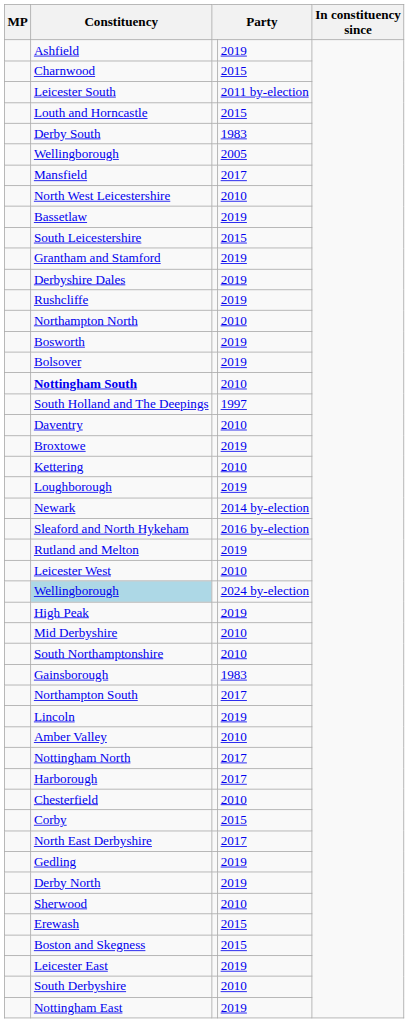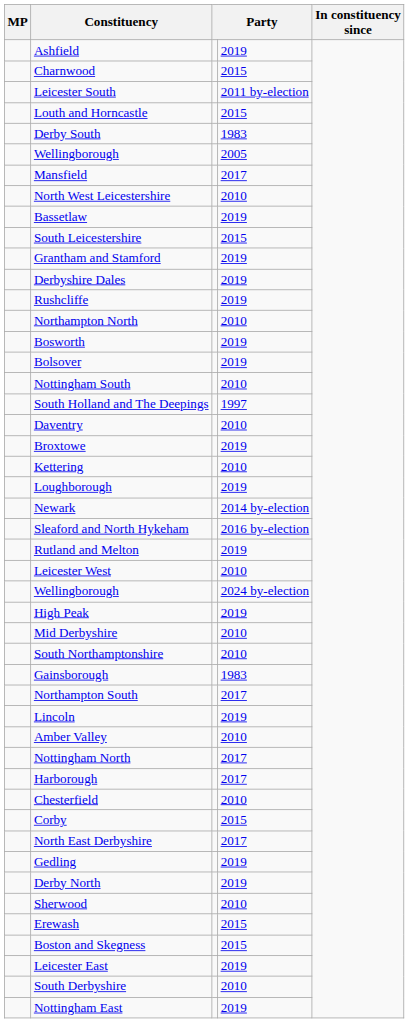 <table class="wikitable sortable">
 <tr>
 <th>MP</th>
 <th>Constituency</th>
 <th colspan=2>Party</th>
 <th>In constituency<br>since</th>
 </tr>
 <tr>
 <td></td>
 <td><a href='#'>Ashfield</a></td>
 <td></td>
 <td><a href='#'>2019</a></td>
 </tr>
 <tr>
 <td></td>
 <td><a href='#'>Charnwood</a></td>
 <td></td>
 <td><a href='#'>2015</a></td>
 </tr>
 <tr>
 <td></td>
 <td><a href='#'>Leicester South</a></td>
 <td></td>
 <td><a href='#'>2011 by-election</a></td>
 </tr>
 <tr>
 <td></td>
 <td><a href='#'>Louth and Horncastle</a></td>
 <td></td>
 <td><a href='#'>2015</a></td>
 </tr>
 <tr>
 <td></td>
 <td><a href='#'>Derby South</a></td>
 <td></td>
 <td><a href='#'>1983</a></td>
 </tr>
 <tr>
 <td><em></em></td>
 <td><a href='#'>Wellingborough</a></td>
 <td></td>
 <td><a href='#'>2005</a></td>
 </tr>
 <tr>
 <td></td>
 <td><a href='#'>Mansfield</a></td>
 <td></td>
 <td><a href='#'>2017</a></td>
 </tr>
 <tr>
 <td></td>
 <td><a href='#'>North West Leicestershire</a></td>
 <td></td>
 <td><a href='#'>2010</a></td>
 </tr>
 <tr>
 <td></td>
 <td><a href='#'>Bassetlaw</a></td>
 <td></td>
 <td><a href='#'>2019</a></td>
 </tr>
 <tr>
 <td></td>
 <td><a href='#'>South Leicestershire</a></td>
 <td></td>
 <td><a href='#'>2015</a></td>
 </tr>
 <tr>
 <td></td>
 <td><a href='#'>Grantham and Stamford</a></td>
 <td></td>
 <td><a href='#'>2019</a></td>
 </tr>
 <tr>
 <td></td>
 <td><a href='#'>Derbyshire Dales</a></td>
 <td></td>
 <td><a href='#'>2019</a></td>
 </tr>
 <tr>
 <td></td>
 <td><a href='#'>Rushcliffe</a></td>
 <td></td>
 <td><a href='#'>2019</a></td>
 </tr>
 <tr>
 <td></td>
 <td><a href='#'>Northampton North</a></td>
 <td></td>
 <td><a href='#'>2010</a></td>
 </tr>
 <tr>
 <td></td>
 <td><a href='#'>Bosworth</a></td>
 <td></td>
 <td><a href='#'>2019</a></td>
 </tr>
 <tr>
 <td></td>
 <td><a href='#'>Bolsover</a></td>
 <td></td>
 <td><a href='#'>2019</a></td>
 </tr>
 <tr>
 <td></td>
-<td><strong><a href='#'>Nottingham South</a></strong></td>
+<td><a href='#'>Nottingham South</a></td>
 <td></td>
 <td><a href='#'>2010</a></td>
 </tr>
 <tr>
 <td></td>
 <td><a href='#'>South Holland and The Deepings</a></td>
 <td></td>
 <td><a href='#'>1997</a></td>
 </tr>
 <tr>
 <td></td>
 <td><a href='#'>Daventry</a></td>
 <td></td>
 <td><a href='#'>2010</a></td>
 </tr>
 <tr>
 <td></td>
 <td><a href='#'>Broxtowe</a></td>
 <td></td>
 <td><a href='#'>2019</a></td>
 </tr>
 <tr>
 <td></td>
 <td><a href='#'>Kettering</a></td>
 <td></td>
 <td><a href='#'>2010</a></td>
 </tr>
 <tr>
 <td></td>
 <td><a href='#'>Loughborough</a></td>
 <td></td>
 <td><a href='#'>2019</a></td>
 </tr>
 <tr>
 <td></td>
 <td><a href='#'>Newark</a></td>
 <td></td>
 <td><a href='#'>2014 by-election</a></td>
 </tr>
 <tr>
 <td></td>
 <td><a href='#'>Sleaford and North Hykeham</a></td>
 <td></td>
 <td><a href='#'>2016 by-election</a></td>
 </tr>
 <tr>
 <td></td>
 <td><a href='#'>Rutland and Melton</a></td>
 <td></td>
 <td><a href='#'>2019</a></td>
 </tr>
 <tr>
 <td></td>
 <td><a href='#'>Leicester West</a></td>
 <td></td>
 <td><a href='#'>2010</a></td>
 </tr>
 <tr>
 <td></td>
-<td style="background: lightblue;"><a href='#'>Wellingborough</a></td>
+<td><a href='#'>Wellingborough</a></td>
 <td></td>
 <td><a href='#'>2024 by-election</a></td>
 </tr>
 <tr>
 <td></td>
 <td><a href='#'>High Peak</a></td>
 <td></td>
 <td><a href='#'>2019</a></td>
 </tr>
 <tr>
 <td></td>
 <td><a href='#'>Mid Derbyshire</a></td>
 <td></td>
 <td><a href='#'>2010</a></td>
 </tr>
 <tr>
 <td></td>
 <td><a href='#'>South Northamptonshire</a></td>
 <td></td>
 <td><a href='#'>2010</a></td>
 </tr>
 <tr>
 <td></td>
 <td><a href='#'>Gainsborough</a></td>
 <td></td>
 <td><a href='#'>1983</a></td>
 </tr>
 <tr>
 <td></td>
 <td><a href='#'>Northampton South</a></td>
 <td></td>
 <td><a href='#'>2017</a></td>
 </tr>
 <tr>
 <td></td>
 <td><a href='#'>Lincoln</a></td>
 <td></td>
 <td><a href='#'>2019</a></td>
 </tr>
 <tr>
 <td></td>
 <td><a href='#'>Amber Valley</a></td>
 <td></td>
 <td><a href='#'>2010</a></td>
 </tr>
 <tr>
 <td></td>
 <td><a href='#'>Nottingham North</a></td>
 <td></td>
 <td><a href='#'>2017</a></td>
 </tr>
 <tr>
 <td></td>
 <td><a href='#'>Harborough</a></td>
 <td></td>
 <td><a href='#'>2017</a></td>
 </tr>
 <tr>
 <td></td>
 <td><a href='#'>Chesterfield</a></td>
 <td></td>
 <td><a href='#'>2010</a></td>
 </tr>
 <tr>
 <td></td>
 <td><a href='#'>Corby</a></td>
 <td></td>
 <td><a href='#'>2015</a></td>
 </tr>
 <tr>
 <td></td>
 <td><a href='#'>North East Derbyshire</a></td>
 <td></td>
 <td><a href='#'>2017</a></td>
 </tr>
 <tr>
 <td></td>
 <td><a href='#'>Gedling</a></td>
 <td></td>
 <td><a href='#'>2019</a></td>
 </tr>
 <tr>
 <td></td>
 <td><a href='#'>Derby North</a></td>
 <td></td>
 <td><a href='#'>2019</a></td>
 </tr>
 <tr>
 <td></td>
 <td><a href='#'>Sherwood</a></td>
 <td></td>
 <td><a href='#'>2010</a></td>
 </tr>
 <tr>
 <td></td>
 <td><a href='#'>Erewash</a></td>
 <td></td>
 <td><a href='#'>2015</a></td>
 </tr>
 <tr>
 <td></td>
 <td><a href='#'>Boston and Skegness</a></td>
 <td></td>
 <td><a href='#'>2015</a></td>
 </tr>
 <tr>
 <td></td>
 <td><a href='#'>Leicester East</a></td>
 <td></td>
 <td><a href='#'>2019</a></td>
 </tr>
 <tr>
 <td></td>
 <td><a href='#'>South Derbyshire</a></td>
 <td></td>
 <td><a href='#'>2010</a></td>
 </tr>
 <tr>
 <td></td>
 <td><a href='#'>Nottingham East</a></td>
 <td></td>
 <td><a href='#'>2019</a></td>
 </tr>
 </table>
